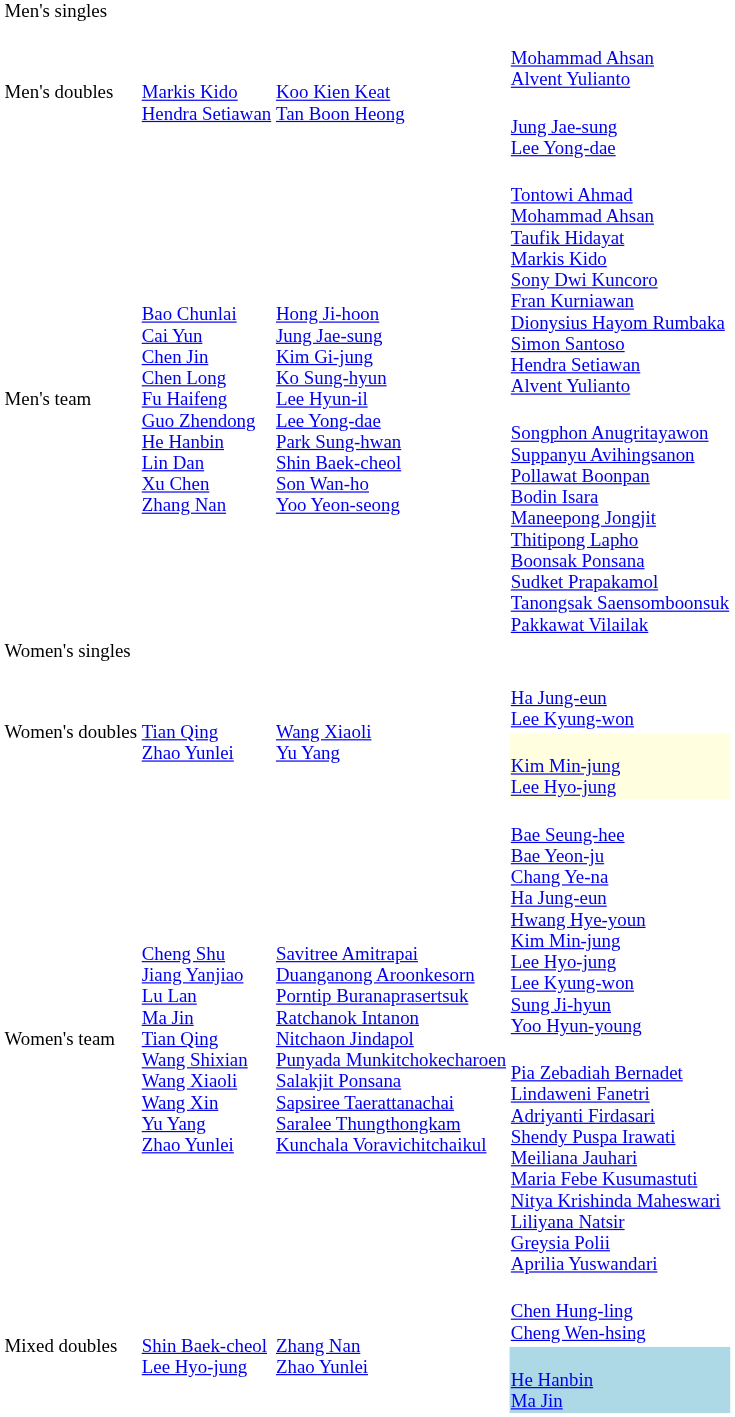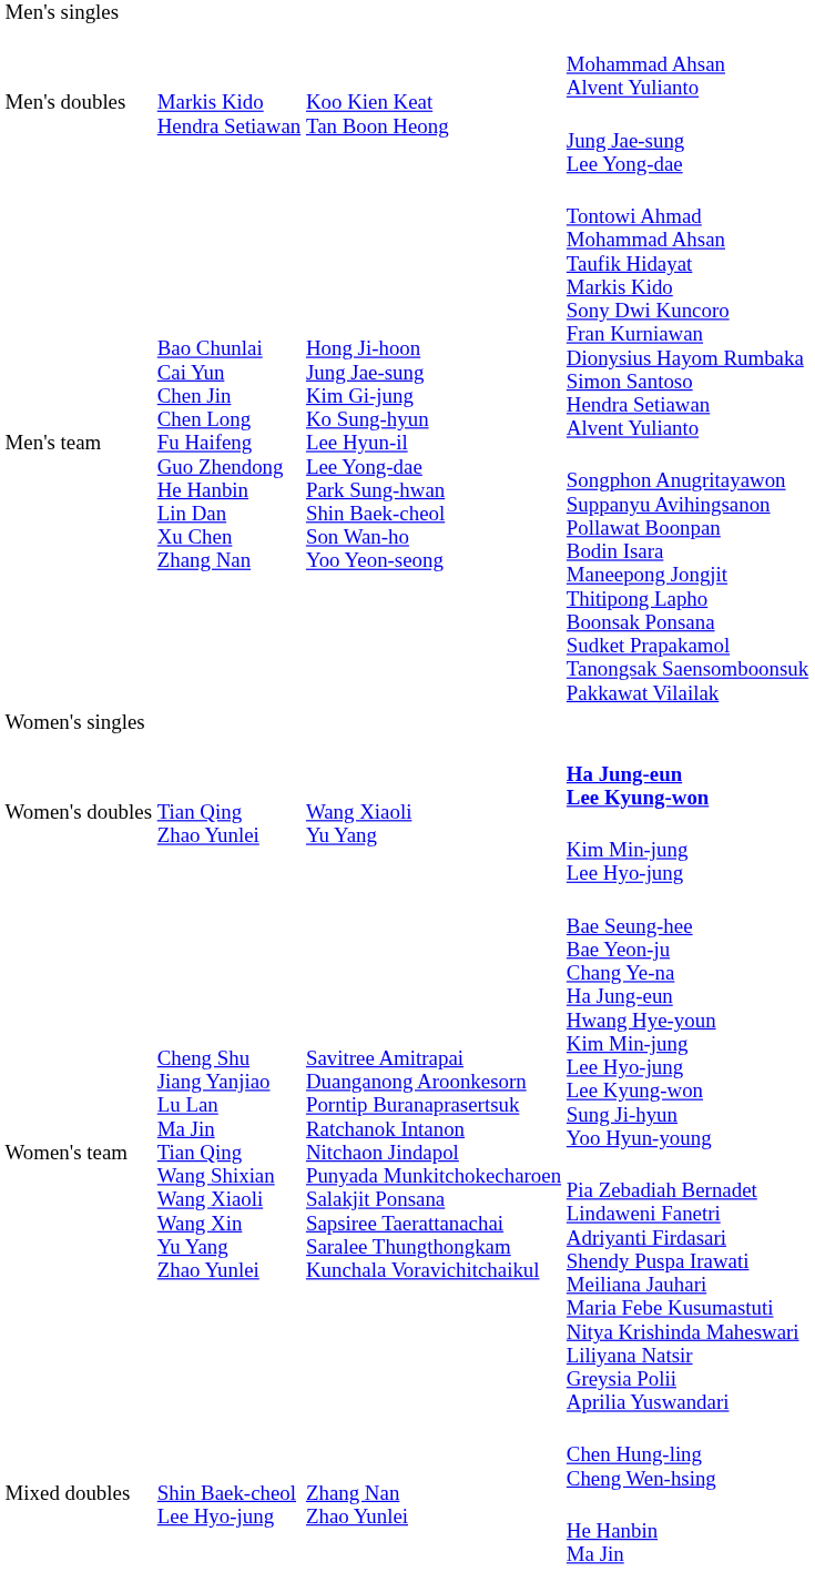 <table>
 <tr>
 <td rowspan=2>Men's singles<br></td>
 <td rowspan=2></td>
 <td rowspan=2></td>
 <td></td>
 </tr>
 <tr>
 <td></td>
 </tr>
 <tr>
 <td rowspan=2>Men's doubles<br></td>
 <td rowspan=2><br><a href='#'>Markis Kido</a><br><a href='#'>Hendra Setiawan</a></td>
 <td rowspan=2><br><a href='#'>Koo Kien Keat</a><br><a href='#'>Tan Boon Heong</a></td>
 <td><br><a href='#'>Mohammad Ahsan</a><br><a href='#'>Alvent Yulianto</a></td>
 </tr>
 <tr>
 <td><br><a href='#'>Jung Jae-sung</a><br><a href='#'>Lee Yong-dae</a></td>
 </tr>
 <tr>
 <td rowspan=2>Men's team<br></td>
 <td rowspan=2><br><a href='#'>Bao Chunlai</a><br><a href='#'>Cai Yun</a><br><a href='#'>Chen Jin</a><br><a href='#'>Chen Long</a><br><a href='#'>Fu Haifeng</a><br><a href='#'>Guo Zhendong</a><br><a href='#'>He Hanbin</a><br><a href='#'>Lin Dan</a><br><a href='#'>Xu Chen</a><br><a href='#'>Zhang Nan</a></td>
 <td rowspan=2><br><a href='#'>Hong Ji-hoon</a><br><a href='#'>Jung Jae-sung</a><br><a href='#'>Kim Gi-jung</a><br><a href='#'>Ko Sung-hyun</a><br><a href='#'>Lee Hyun-il</a><br><a href='#'>Lee Yong-dae</a><br><a href='#'>Park Sung-hwan</a><br><a href='#'>Shin Baek-cheol</a><br><a href='#'>Son Wan-ho</a><br><a href='#'>Yoo Yeon-seong</a></td>
 <td><br><a href='#'>Tontowi Ahmad</a><br><a href='#'>Mohammad Ahsan</a><br><a href='#'>Taufik Hidayat</a><br><a href='#'>Markis Kido</a><br><a href='#'>Sony Dwi Kuncoro</a><br><a href='#'>Fran Kurniawan</a><br><a href='#'>Dionysius Hayom Rumbaka</a><br><a href='#'>Simon Santoso</a><br><a href='#'>Hendra Setiawan</a><br><a href='#'>Alvent Yulianto</a></td>
 </tr>
 <tr>
 <td><br><a href='#'>Songphon Anugritayawon</a><br><a href='#'>Suppanyu Avihingsanon</a><br><a href='#'>Pollawat Boonpan</a><br><a href='#'>Bodin Isara</a><br><a href='#'>Maneepong Jongjit</a><br><a href='#'>Thitipong Lapho</a><br><a href='#'>Boonsak Ponsana</a><br><a href='#'>Sudket Prapakamol</a><br><a href='#'>Tanongsak Saensomboonsuk</a><br><a href='#'>Pakkawat Vilailak</a></td>
 </tr>
 <tr>
 <td rowspan=2>Women's singles<br></td>
 <td rowspan=2></td>
 <td rowspan=2></td>
 <td></td>
 </tr>
 <tr>
 <td></td>
 </tr>
 <tr>
 <td rowspan=2>Women's doubles<br></td>
 <td rowspan=2><br><a href='#'>Tian Qing</a><br><a href='#'>Zhao Yunlei</a></td>
 <td rowspan=2><br><a href='#'>Wang Xiaoli</a><br><a href='#'>Yu Yang</a></td>
-<td><br><a href='#'>Ha Jung-eun</a><br><a href='#'>Lee Kyung-won</a></td>
+<td><strong><br><a href='#'>Ha Jung-eun</a><br><a href='#'>Lee Kyung-won</a></strong></td>
 </tr>
 <tr>
-<td style="background: lightyellow;"><br><a href='#'>Kim Min-jung</a><br><a href='#'>Lee Hyo-jung</a></td>
+<td><br><a href='#'>Kim Min-jung</a><br><a href='#'>Lee Hyo-jung</a></td>
 </tr>
 <tr>
 <td rowspan=2>Women's team<br></td>
 <td rowspan=2><br><a href='#'>Cheng Shu</a><br><a href='#'>Jiang Yanjiao</a><br><a href='#'>Lu Lan</a><br><a href='#'>Ma Jin</a><br><a href='#'>Tian Qing</a><br><a href='#'>Wang Shixian</a><br><a href='#'>Wang Xiaoli</a><br><a href='#'>Wang Xin</a><br><a href='#'>Yu Yang</a><br><a href='#'>Zhao Yunlei</a></td>
 <td rowspan=2><br><a href='#'>Savitree Amitrapai</a><br><a href='#'>Duanganong Aroonkesorn</a><br><a href='#'>Porntip Buranaprasertsuk</a><br><a href='#'>Ratchanok Intanon</a><br><a href='#'>Nitchaon Jindapol</a><br><a href='#'>Punyada Munkitchokecharoen</a><br><a href='#'>Salakjit Ponsana</a><br><a href='#'>Sapsiree Taerattanachai</a><br><a href='#'>Saralee Thungthongkam</a><br><a href='#'>Kunchala Voravichitchaikul</a></td>
 <td><br><a href='#'>Bae Seung-hee</a><br><a href='#'>Bae Yeon-ju</a><br><a href='#'>Chang Ye-na</a><br><a href='#'>Ha Jung-eun</a><br><a href='#'>Hwang Hye-youn</a><br><a href='#'>Kim Min-jung</a><br><a href='#'>Lee Hyo-jung</a><br><a href='#'>Lee Kyung-won</a><br><a href='#'>Sung Ji-hyun</a><br><a href='#'>Yoo Hyun-young</a></td>
 </tr>
 <tr>
 <td><br><a href='#'>Pia Zebadiah Bernadet</a><br><a href='#'>Lindaweni Fanetri</a><br><a href='#'>Adriyanti Firdasari</a><br><a href='#'>Shendy Puspa Irawati</a><br><a href='#'>Meiliana Jauhari</a><br><a href='#'>Maria Febe Kusumastuti</a><br><a href='#'>Nitya Krishinda Maheswari</a><br><a href='#'>Liliyana Natsir</a><br><a href='#'>Greysia Polii</a><br><a href='#'>Aprilia Yuswandari</a></td>
 </tr>
 <tr>
 <td rowspan=2>Mixed doubles<br></td>
 <td rowspan=2><br><a href='#'>Shin Baek-cheol</a><br><a href='#'>Lee Hyo-jung</a></td>
 <td rowspan=2><br><a href='#'>Zhang Nan</a><br><a href='#'>Zhao Yunlei</a></td>
 <td><br><a href='#'>Chen Hung-ling</a><br><a href='#'>Cheng Wen-hsing</a></td>
 </tr>
 <tr>
-<td style="background: lightblue;"><br><a href='#'>He Hanbin</a><br><a href='#'>Ma Jin</a></td>
+<td><br><a href='#'>He Hanbin</a><br><a href='#'>Ma Jin</a></td>
 </tr>
 </table>
